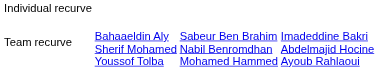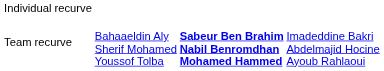 <table>
 <tr>
 <td>Individual recurve</td>
 <td></td>
 <td></td>
 <td></td>
 </tr>
 <tr>
 <td rowspan=3>Team recurve</td>
 <td><br><a href='#'>Bahaaeldin Aly</a><br><a href='#'>Sherif Mohamed</a><br><a href='#'>Youssof Tolba</a></td>
-<td><br><a href='#'>Sabeur Ben Brahim</a><br><a href='#'>Nabil Benromdhan</a><br><a href='#'>Mohamed Hammed</a></td>
+<td><strong><br><a href='#'>Sabeur Ben Brahim</a><br><a href='#'>Nabil Benromdhan</a><br><a href='#'>Mohamed Hammed</a></strong></td>
 <td><br><a href='#'>Imadeddine Bakri</a><br><a href='#'>Abdelmajid Hocine</a><br><a href='#'>Ayoub Rahlaoui</a></td>
 </tr>
 </table>
